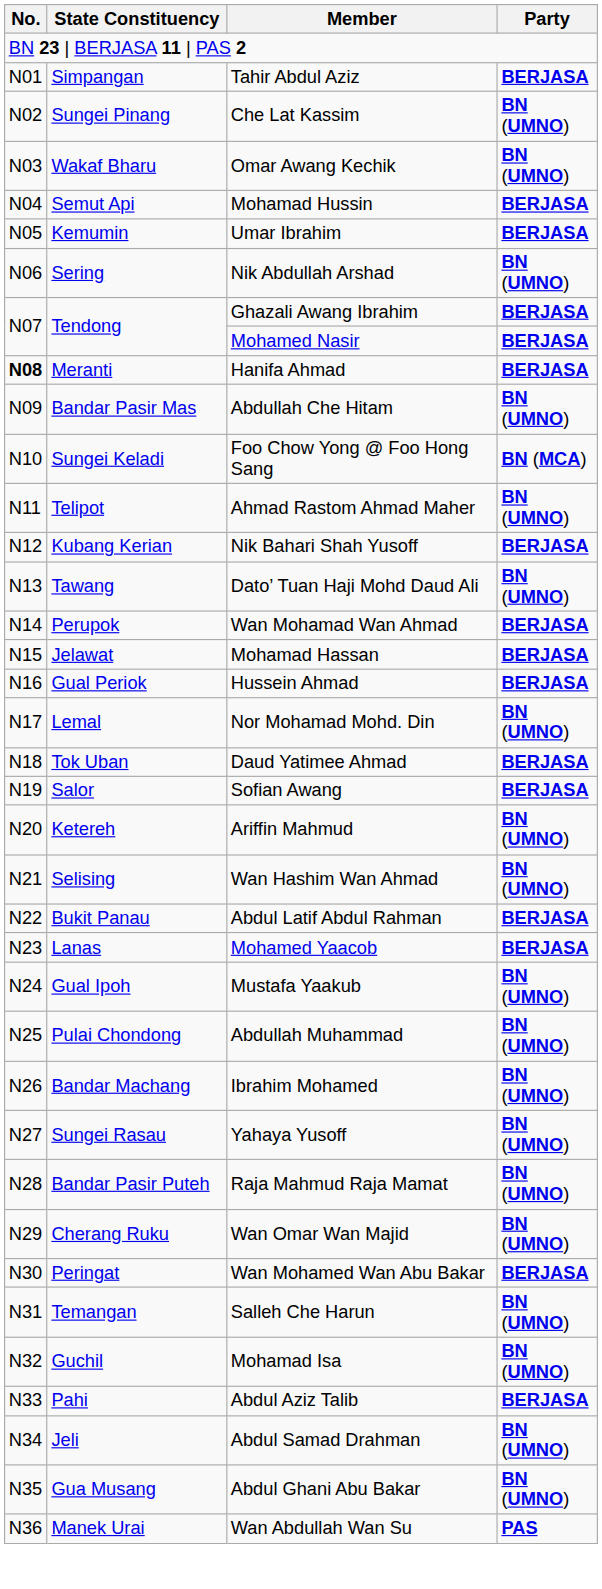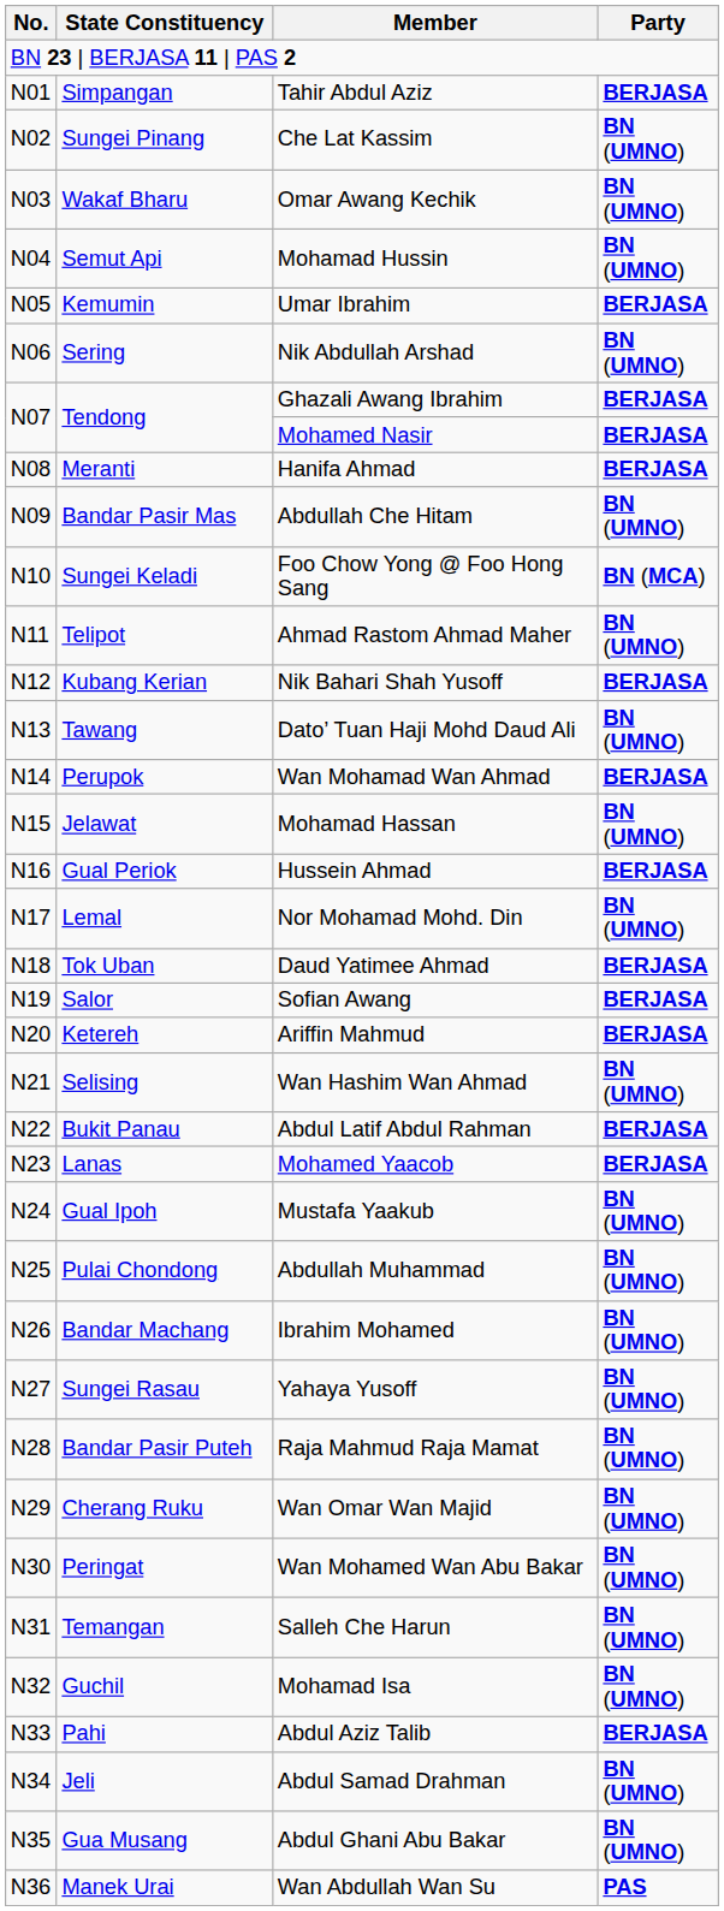 <table class="wikitable sortable">
 <tr>
 <th style="width:30px;">No.</th>
 <th style="width:150px;">State Constituency</th>
 <th style="width:230px;">Member</th>
 <th style="width:80px;">Party</th>
 </tr>
 <tr>
 <td colspan="4"><a href='#'>BN</a> <strong>23</strong> | <a href='#'>BERJASA</a> <strong>11</strong> | <a href='#'>PAS</a> <strong>2</strong></td>
 </tr>
 <tr>
 <td>N01</td>
 <td><a href='#'>Simpangan</a></td>
 <td>Tahir Abdul Aziz</td>
 <td><strong><a href='#'>BERJASA</a></strong></td>
 </tr>
 <tr>
 <td>N02</td>
 <td><a href='#'>Sungei Pinang</a></td>
 <td>Che Lat Kassim</td>
 <td><strong><a href='#'>BN</a></strong> (<strong><a href='#'>UMNO</a></strong>)</td>
 </tr>
 <tr>
 <td>N03</td>
 <td><a href='#'>Wakaf Bharu</a></td>
 <td>Omar Awang Kechik</td>
 <td><strong><a href='#'>BN</a></strong> (<strong><a href='#'>UMNO</a></strong>)</td>
 </tr>
 <tr>
 <td>N04</td>
 <td><a href='#'>Semut Api</a></td>
 <td>Mohamad Hussin</td>
-<td><strong><a href='#'>BERJASA</a></strong></td>
+<td><strong><a href='#'>BN</a></strong> (<strong><a href='#'>UMNO</a></strong>)</td>
 </tr>
 <tr>
 <td>N05</td>
 <td><a href='#'>Kemumin</a></td>
 <td>Umar Ibrahim</td>
 <td><strong><a href='#'>BERJASA</a></strong></td>
 </tr>
 <tr>
 <td>N06</td>
 <td><a href='#'>Sering</a></td>
 <td>Nik Abdullah Arshad</td>
 <td><strong><a href='#'>BN</a></strong> (<strong><a href='#'>UMNO</a></strong>)</td>
 </tr>
 <tr>
 <td rowspan=2>N07</td>
 <td rowspan=2><a href='#'>Tendong</a></td>
 <td>Ghazali Awang Ibrahim </td>
 <td><strong><a href='#'>BERJASA</a></strong></td>
 </tr>
 <tr>
 <td><a href='#'>Mohamed Nasir</a> </td>
 <td><strong><a href='#'>BERJASA</a></strong></td>
 </tr>
 <tr>
-<td><strong>N08</strong></td>
+<td>N08</td>
 <td><a href='#'>Meranti</a></td>
 <td>Hanifa Ahmad</td>
 <td><strong><a href='#'>BERJASA</a></strong></td>
 </tr>
 <tr>
 <td>N09</td>
 <td><a href='#'>Bandar Pasir Mas</a></td>
 <td>Abdullah Che Hitam</td>
 <td><strong><a href='#'>BN</a></strong> (<strong><a href='#'>UMNO</a></strong>)</td>
 </tr>
 <tr>
 <td>N10</td>
 <td><a href='#'>Sungei Keladi</a></td>
 <td>Foo Chow Yong @ Foo Hong Sang</td>
 <td><strong><a href='#'>BN</a></strong> (<strong><a href='#'>MCA</a></strong>)</td>
 </tr>
 <tr>
 <td>N11</td>
 <td><a href='#'>Telipot</a></td>
 <td>Ahmad Rastom Ahmad Maher</td>
 <td><strong><a href='#'>BN</a></strong> (<strong><a href='#'>UMNO</a></strong>)</td>
 </tr>
 <tr>
 <td>N12</td>
 <td><a href='#'>Kubang Kerian</a></td>
 <td>Nik Bahari Shah Yusoff</td>
 <td><strong><a href='#'>BERJASA</a></strong></td>
 </tr>
 <tr>
 <td>N13</td>
 <td><a href='#'>Tawang</a></td>
 <td>Dato’ Tuan Haji Mohd Daud Ali</td>
 <td><strong><a href='#'>BN</a></strong> (<strong><a href='#'>UMNO</a></strong>)</td>
 </tr>
 <tr>
 <td>N14</td>
 <td><a href='#'>Perupok</a></td>
 <td>Wan Mohamad Wan Ahmad</td>
 <td><strong><a href='#'>BERJASA</a></strong></td>
 </tr>
 <tr>
 <td>N15</td>
 <td><a href='#'>Jelawat</a></td>
 <td>Mohamad Hassan</td>
-<td><strong><a href='#'>BERJASA</a></strong></td>
+<td><strong><a href='#'>BN</a></strong> (<strong><a href='#'>UMNO</a></strong>)</td>
 </tr>
 <tr>
 <td>N16</td>
 <td><a href='#'>Gual Periok</a></td>
 <td>Hussein Ahmad</td>
 <td><strong><a href='#'>BERJASA</a></strong></td>
 </tr>
 <tr>
 <td>N17</td>
 <td><a href='#'>Lemal</a></td>
 <td>Nor Mohamad Mohd. Din</td>
 <td><strong><a href='#'>BN</a></strong> (<strong><a href='#'>UMNO</a></strong>)</td>
 </tr>
 <tr>
 <td>N18</td>
 <td><a href='#'>Tok Uban</a></td>
 <td>Daud Yatimee Ahmad</td>
 <td><strong><a href='#'>BERJASA</a></strong></td>
 </tr>
 <tr>
 <td>N19</td>
 <td><a href='#'>Salor</a></td>
 <td>Sofian Awang</td>
 <td><strong><a href='#'>BERJASA</a></strong></td>
 </tr>
 <tr>
 <td>N20</td>
 <td><a href='#'>Ketereh</a></td>
 <td>Ariffin Mahmud</td>
-<td><strong><a href='#'>BN</a></strong> (<strong><a href='#'>UMNO</a></strong>)</td>
+<td><strong><a href='#'>BERJASA</a></strong></td>
 </tr>
 <tr>
 <td>N21</td>
 <td><a href='#'>Selising</a></td>
 <td>Wan Hashim Wan Ahmad</td>
 <td><strong><a href='#'>BN</a></strong> (<strong><a href='#'>UMNO</a></strong>)</td>
 </tr>
 <tr>
 <td>N22</td>
 <td><a href='#'>Bukit Panau</a></td>
 <td>Abdul Latif Abdul Rahman</td>
 <td><strong><a href='#'>BERJASA</a></strong></td>
 </tr>
 <tr>
 <td>N23</td>
 <td><a href='#'>Lanas</a></td>
 <td><a href='#'>Mohamed Yaacob</a></td>
 <td><strong><a href='#'>BERJASA</a></strong></td>
 </tr>
 <tr>
 <td>N24</td>
 <td><a href='#'>Gual Ipoh</a></td>
 <td>Mustafa Yaakub</td>
 <td><strong><a href='#'>BN</a></strong> (<strong><a href='#'>UMNO</a></strong>)</td>
 </tr>
 <tr>
 <td>N25</td>
 <td><a href='#'>Pulai Chondong</a></td>
 <td>Abdullah Muhammad</td>
 <td><strong><a href='#'>BN</a></strong> (<strong><a href='#'>UMNO</a></strong>)</td>
 </tr>
 <tr>
 <td>N26</td>
 <td><a href='#'>Bandar Machang</a></td>
 <td>Ibrahim Mohamed</td>
 <td><strong><a href='#'>BN</a></strong> (<strong><a href='#'>UMNO</a></strong>)</td>
 </tr>
 <tr>
 <td>N27</td>
 <td><a href='#'>Sungei Rasau</a></td>
 <td>Yahaya Yusoff</td>
 <td><strong><a href='#'>BN</a></strong> (<strong><a href='#'>UMNO</a></strong>)</td>
 </tr>
 <tr>
 <td>N28</td>
 <td><a href='#'>Bandar Pasir Puteh</a></td>
 <td>Raja Mahmud Raja Mamat</td>
 <td><strong><a href='#'>BN</a></strong> (<strong><a href='#'>UMNO</a></strong>)</td>
 </tr>
 <tr>
 <td>N29</td>
 <td><a href='#'>Cherang Ruku</a></td>
 <td>Wan Omar Wan Majid</td>
 <td><strong><a href='#'>BN</a></strong> (<strong><a href='#'>UMNO</a></strong>)</td>
 </tr>
 <tr>
 <td>N30</td>
 <td><a href='#'>Peringat</a></td>
 <td>Wan Mohamed Wan Abu Bakar</td>
-<td><strong><a href='#'>BERJASA</a></strong></td>
+<td><strong><a href='#'>BN</a></strong> (<strong><a href='#'>UMNO</a></strong>)</td>
 </tr>
 <tr>
 <td>N31</td>
 <td><a href='#'>Temangan</a></td>
 <td>Salleh Che Harun</td>
 <td><strong><a href='#'>BN</a></strong> (<strong><a href='#'>UMNO</a></strong>)</td>
 </tr>
 <tr>
 <td>N32</td>
 <td><a href='#'>Guchil</a></td>
 <td>Mohamad Isa</td>
 <td><strong><a href='#'>BN</a></strong> (<strong><a href='#'>UMNO</a></strong>)</td>
 </tr>
 <tr>
 <td>N33</td>
 <td><a href='#'>Pahi</a></td>
 <td>Abdul Aziz Talib</td>
 <td><strong><a href='#'>BERJASA</a></strong></td>
 </tr>
 <tr>
 <td>N34</td>
 <td><a href='#'>Jeli</a></td>
 <td>Abdul Samad Drahman</td>
 <td><strong><a href='#'>BN</a></strong> (<strong><a href='#'>UMNO</a></strong>)</td>
 </tr>
 <tr>
 <td>N35</td>
 <td><a href='#'>Gua Musang</a></td>
 <td>Abdul Ghani Abu Bakar</td>
 <td><strong><a href='#'>BN</a></strong> (<strong><a href='#'>UMNO</a></strong>)</td>
 </tr>
 <tr>
 <td>N36</td>
 <td><a href='#'>Manek Urai</a></td>
 <td>Wan Abdullah Wan Su</td>
 <td><strong><a href='#'>PAS</a></strong></td>
 </tr>
 </table>
